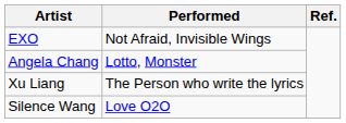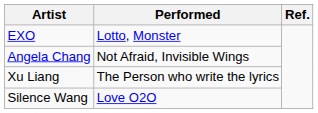 <table class="wikitable">
 <tr>
 <th>Artist</th>
 <th>Performed</th>
 <th>Ref.</th>
 </tr>
 <tr>
 <td><a href='#'>EXO</a></td>
-<td>Not Afraid, Invisible Wings</td>
+<td><a href='#'>Lotto</a>, <a href='#'>Monster</a></td>
 <td rowspan="4"></td>
 </tr>
 <tr>
 <td><a href='#'>Angela Chang</a></td>
-<td><a href='#'>Lotto</a>, <a href='#'>Monster</a></td>
+<td>Not Afraid, Invisible Wings</td>
 </tr>
 <tr>
 <td>Xu Liang</td>
 <td>The Person who write the lyrics</td>
 </tr>
 <tr>
 <td>Silence Wang</td>
 <td><a href='#'>Love O2O</a></td>
 </tr>
 </table>
